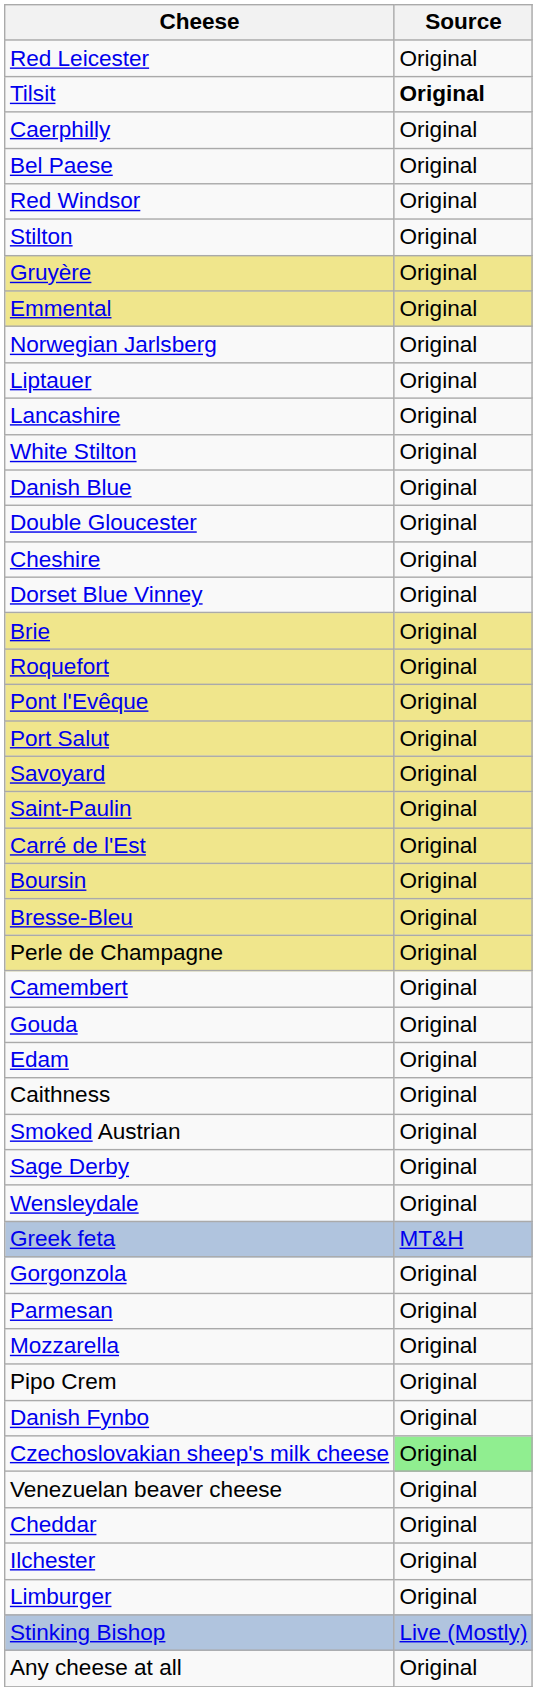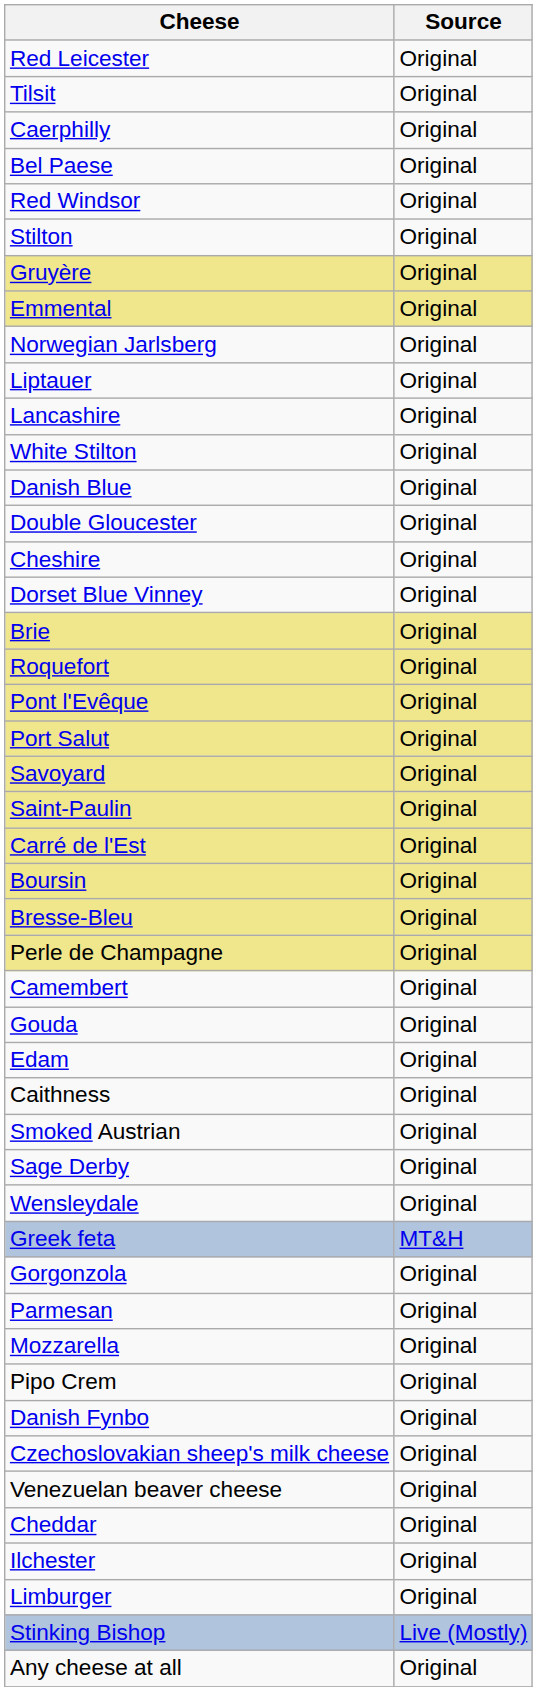 <table class="wikitable">
 <tr>
 <th>Cheese</th>
 <th>Source</th>
 </tr>
 <tr>
 <td><a href='#'>Red Leicester</a></td>
 <td>Original</td>
 </tr>
 <tr>
 <td><a href='#'>Tilsit</a></td>
-<td><strong>Original</strong></td>
+<td>Original</td>
 </tr>
 <tr>
 <td><a href='#'>Caerphilly</a></td>
 <td>Original</td>
 </tr>
 <tr>
 <td><a href='#'>Bel Paese</a></td>
 <td>Original</td>
 </tr>
 <tr>
 <td><a href='#'>Red Windsor</a></td>
 <td>Original</td>
 </tr>
 <tr>
 <td><a href='#'>Stilton</a></td>
 <td>Original</td>
 </tr>
 <tr style="background:khaki;">
 <td><a href='#'>Gruyère</a></td>
 <td>Original</td>
 </tr>
 <tr style="background:khaki;">
 <td><a href='#'>Emmental</a></td>
 <td>Original</td>
 </tr>
 <tr>
 <td><a href='#'>Norwegian Jarlsberg</a></td>
 <td>Original</td>
 </tr>
 <tr>
 <td><a href='#'>Liptauer</a></td>
 <td>Original</td>
 </tr>
 <tr>
 <td><a href='#'>Lancashire</a></td>
 <td>Original</td>
 </tr>
 <tr>
 <td><a href='#'>White Stilton</a></td>
 <td>Original</td>
 </tr>
 <tr>
 <td><a href='#'>Danish Blue</a></td>
 <td>Original</td>
 </tr>
 <tr>
 <td><a href='#'>Double Gloucester</a></td>
 <td>Original</td>
 </tr>
 <tr>
 <td><a href='#'>Cheshire</a></td>
 <td>Original</td>
 </tr>
 <tr>
 <td><a href='#'>Dorset Blue Vinney</a></td>
 <td>Original</td>
 </tr>
 <tr style="background:khaki;">
 <td><a href='#'>Brie</a></td>
 <td>Original</td>
 </tr>
 <tr style="background:khaki;">
 <td><a href='#'>Roquefort</a></td>
 <td>Original</td>
 </tr>
 <tr style="background:khaki;">
 <td><a href='#'>Pont l'Evêque</a></td>
 <td>Original</td>
 </tr>
 <tr style="background:khaki;">
 <td><a href='#'>Port Salut</a></td>
 <td>Original</td>
 </tr>
 <tr style="background:khaki;">
 <td><a href='#'>Savoyard</a></td>
 <td>Original</td>
 </tr>
 <tr style="background:khaki;">
 <td><a href='#'>Saint-Paulin</a></td>
 <td>Original</td>
 </tr>
 <tr style="background:khaki;">
 <td><a href='#'>Carré de l'Est</a></td>
 <td>Original</td>
 </tr>
 <tr style="background:khaki;">
 <td><a href='#'>Boursin</a></td>
 <td>Original</td>
 </tr>
 <tr style="background:khaki;">
 <td><a href='#'>Bresse-Bleu</a></td>
 <td>Original</td>
 </tr>
 <tr style="background:khaki;">
 <td>Perle de Champagne</td>
 <td>Original</td>
 </tr>
 <tr>
 <td><a href='#'>Camembert</a></td>
 <td>Original</td>
 </tr>
 <tr>
 <td><a href='#'>Gouda</a></td>
 <td>Original</td>
 </tr>
 <tr>
 <td><a href='#'>Edam</a></td>
 <td>Original</td>
 </tr>
 <tr>
 <td>Caithness</td>
 <td>Original</td>
 </tr>
 <tr>
 <td><a href='#'>Smoked</a> Austrian</td>
 <td>Original</td>
 </tr>
 <tr>
 <td><a href='#'>Sage Derby</a></td>
 <td>Original</td>
 </tr>
 <tr>
 <td><a href='#'>Wensleydale</a></td>
 <td>Original</td>
 </tr>
 <tr style="background:lightsteelblue;">
 <td><a href='#'>Greek feta</a></td>
 <td><a href='#'>MT&H</a></td>
 </tr>
 <tr>
 <td><a href='#'>Gorgonzola</a></td>
 <td>Original</td>
 </tr>
 <tr>
 <td><a href='#'>Parmesan</a></td>
 <td>Original</td>
 </tr>
 <tr>
 <td><a href='#'>Mozzarella</a></td>
 <td>Original</td>
 </tr>
 <tr>
 <td>Pipo Crem</td>
 <td>Original</td>
 </tr>
 <tr>
 <td><a href='#'>Danish Fynbo</a></td>
 <td>Original</td>
 </tr>
 <tr>
 <td><a href='#'>Czechoslovakian sheep's milk cheese</a></td>
-<td style="background: lightgreen;">Original</td>
+<td>Original</td>
 </tr>
 <tr>
 <td>Venezuelan beaver cheese</td>
 <td>Original</td>
 </tr>
 <tr>
 <td><a href='#'>Cheddar</a></td>
 <td>Original</td>
 </tr>
 <tr>
 <td><a href='#'>Ilchester</a></td>
 <td>Original</td>
 </tr>
 <tr>
 <td><a href='#'>Limburger</a></td>
 <td>Original</td>
 </tr>
 <tr style="background:lightsteelblue;">
 <td><a href='#'>Stinking Bishop</a></td>
 <td><a href='#'>Live (Mostly)</a></td>
 </tr>
 <tr>
 <td>Any cheese at all</td>
 <td>Original</td>
 </tr>
 </table>
